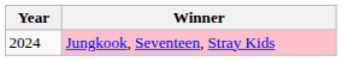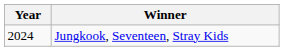 <table class="wikitable">
 <tr align=center>
 <th style="width:50px">Year</th>
 <th style="width:270px">Winner</th>
 </tr>
 <tr>
 <td rowspan="2">2024</td>
-<td style="background: pink;"><a href='#'>Jungkook</a>, <a href='#'>Seventeen</a>, <a href='#'>Stray Kids</a></td>
+<td><a href='#'>Jungkook</a>, <a href='#'>Seventeen</a>, <a href='#'>Stray Kids</a></td>
 </tr>
 </table>
